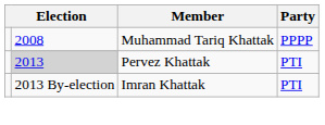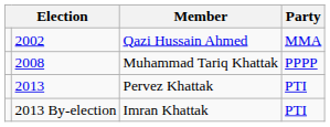 <table class="wikitable">
 <tr>
 <th colspan="2">Election</th>
 <th>Member</th>
 <th>Party</th>
+</tr>
+<tr>
+<td style="background-color: "></td>
+<td><a href='#'>2002</a></td>
+<td><a href='#'>Qazi Hussain Ahmed</a></td>
+<td><a href='#'>MMA</a></td>
 </tr>
 <tr>
 <td style="background-color: "></td>
 <td><a href='#'>2008</a></td>
 <td>Muhammad Tariq Khattak</td>
 <td><a href='#'>PPPP</a></td>
 </tr>
 <tr>
 <td style="background-color: "></td>
-<td style="background: lightgrey;"><a href='#'>2013</a></td>
+<td><a href='#'>2013</a></td>
 <td>Pervez Khattak</td>
 <td><a href='#'>PTI</a></td>
 </tr>
 <tr>
 <td style="background-color: "></td>
 <td>2013 By-election</td>
 <td>Imran Khattak</td>
 <td><a href='#'>PTI</a></td>
 </tr>
 </table>
